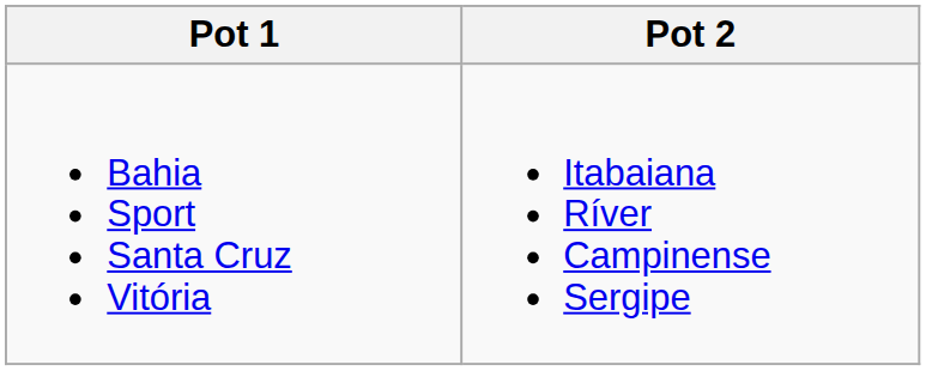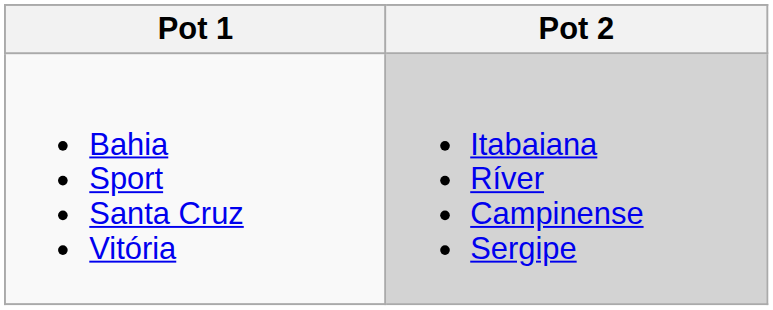 <table class="wikitable">
 <tr>
 <th width="190">Pot 1</th>
 <th width="190">Pot 2</th>
 </tr>
 <tr>
 <td><br><ul><li> <a href='#'>Bahia</a></li><li> <a href='#'>Sport</a></li><li> <a href='#'>Santa Cruz</a></li><li> <a href='#'>Vitória</a></li></ul></td>
-<td><br><ul><li> <a href='#'>Itabaiana</a></li><li> <a href='#'>Ríver</a></li><li> <a href='#'>Campinense</a></li><li> <a href='#'>Sergipe</a></li></ul></td>
+<td style="background: lightgrey;"><br><ul><li> <a href='#'>Itabaiana</a></li><li> <a href='#'>Ríver</a></li><li> <a href='#'>Campinense</a></li><li> <a href='#'>Sergipe</a></li></ul></td>
 </tr>
 </table>
